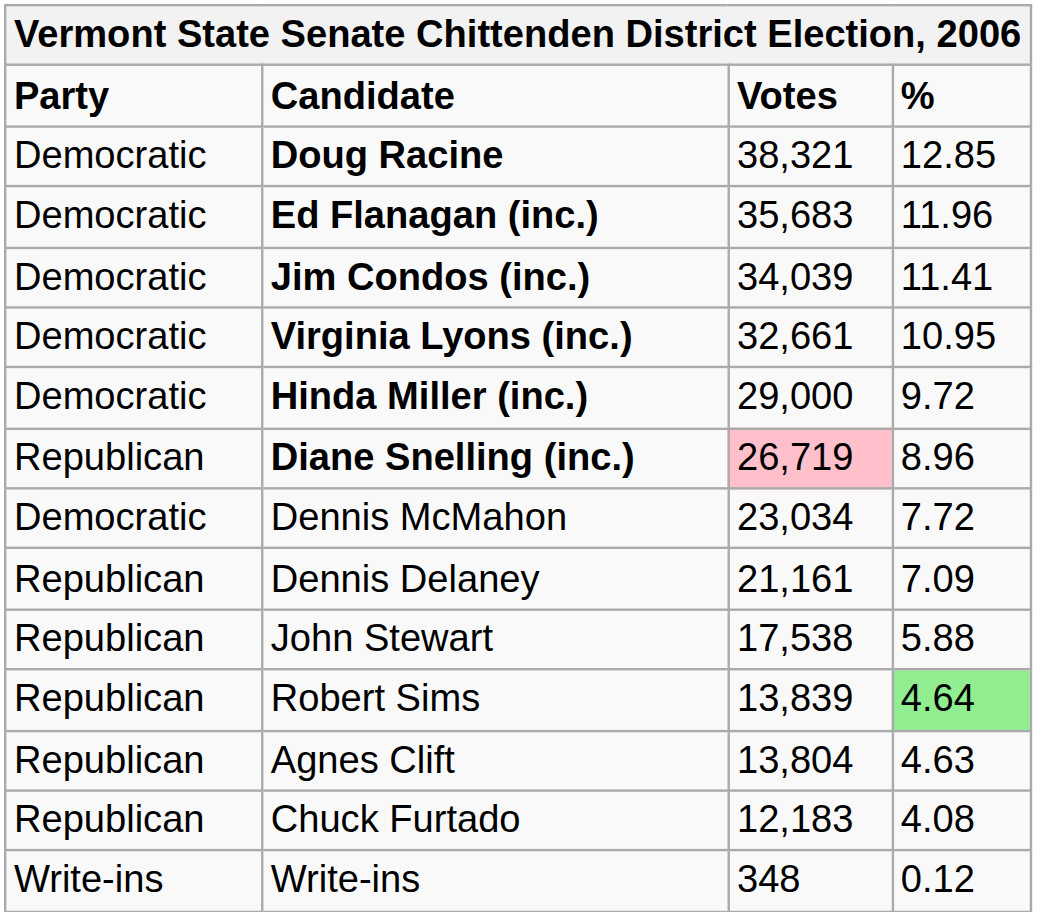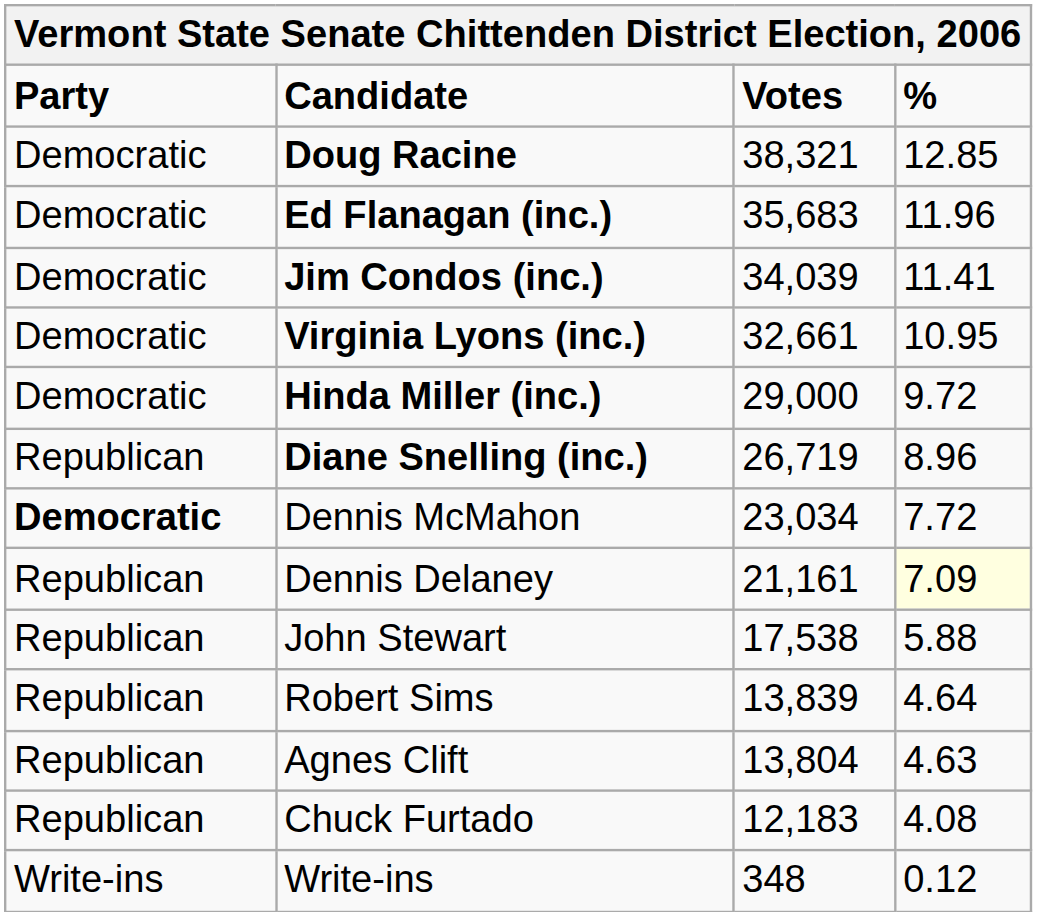 <table class="wikitable">
 <tr>
 <th colspan="4">Vermont State Senate Chittenden District Election, 2006</th>
 </tr>
 <tr>
 <td><strong>Party</strong></td>
 <td><strong>Candidate</strong></td>
 <td><strong>Votes</strong></td>
 <td><strong>%</strong></td>
 </tr>
 <tr>
 <td>Democratic</td>
 <td><strong>Doug Racine</strong></td>
 <td>38,321</td>
 <td>12.85</td>
 </tr>
 <tr>
 <td>Democratic</td>
 <td><strong>Ed Flanagan (inc.)</strong></td>
 <td>35,683</td>
 <td>11.96</td>
 </tr>
 <tr>
 <td>Democratic</td>
 <td><strong>Jim Condos (inc.)</strong></td>
 <td>34,039</td>
 <td>11.41</td>
 </tr>
 <tr>
 <td>Democratic</td>
 <td><strong>Virginia Lyons (inc.)</strong></td>
 <td>32,661</td>
 <td>10.95</td>
 </tr>
 <tr>
 <td>Democratic</td>
 <td><strong>Hinda Miller (inc.)</strong></td>
 <td>29,000</td>
 <td>9.72</td>
 </tr>
 <tr>
 <td>Republican</td>
 <td><strong>Diane Snelling (inc.)</strong></td>
-<td style="background: pink;">26,719</td>
+<td>26,719</td>
 <td>8.96</td>
 </tr>
 <tr>
-<td>Democratic</td>
+<td><strong>Democratic</strong></td>
 <td>Dennis McMahon</td>
 <td>23,034</td>
 <td>7.72</td>
 </tr>
 <tr>
 <td>Republican</td>
 <td>Dennis Delaney</td>
 <td>21,161</td>
-<td>7.09</td>
+<td style="background: lightyellow;">7.09</td>
 </tr>
 <tr>
 <td>Republican</td>
 <td>John Stewart</td>
 <td>17,538</td>
 <td>5.88</td>
 </tr>
 <tr>
 <td>Republican</td>
 <td>Robert Sims</td>
 <td>13,839</td>
-<td style="background: lightgreen;">4.64</td>
+<td>4.64</td>
 </tr>
 <tr>
 <td>Republican</td>
 <td>Agnes Clift</td>
 <td>13,804</td>
 <td>4.63</td>
 </tr>
 <tr>
 <td>Republican</td>
 <td>Chuck Furtado</td>
 <td>12,183</td>
 <td>4.08</td>
 </tr>
 <tr>
 <td>Write-ins</td>
 <td>Write-ins</td>
 <td>348</td>
 <td>0.12</td>
 </tr>
 </table>
